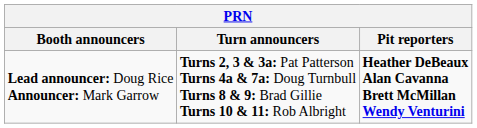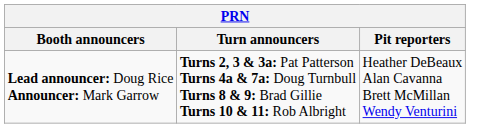 <table class="wikitable" style="font-size: 95%;">
 <tr>
 <th colspan="3"><a href='#'>PRN</a></th>
 </tr>
 <tr>
 <th>Booth announcers</th>
 <th>Turn announcers</th>
 <th>Pit reporters</th>
 </tr>
 <tr>
 <td><strong>Lead announcer:</strong> Doug Rice<br><strong>Announcer:</strong> Mark Garrow</td>
 <td><strong>Turns 2, 3 & 3a:</strong> Pat Patterson<br><strong>Turns 4a & 7a:</strong> Doug Turnbull<br><strong>Turns 8 & 9:</strong> Brad Gillie<br> <strong>Turns 10 & 11:</strong> Rob Albright</td>
-<td><strong>Heather DeBeaux<br>Alan Cavanna<br>Brett McMillan<br><a href='#'>Wendy Venturini</a></strong></td>
+<td>Heather DeBeaux<br>Alan Cavanna<br>Brett McMillan<br><a href='#'>Wendy Venturini</a></td>
 </tr>
 </table>
